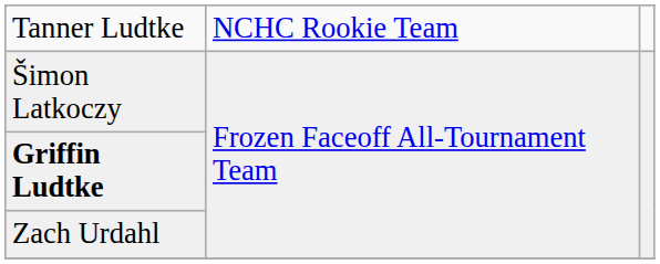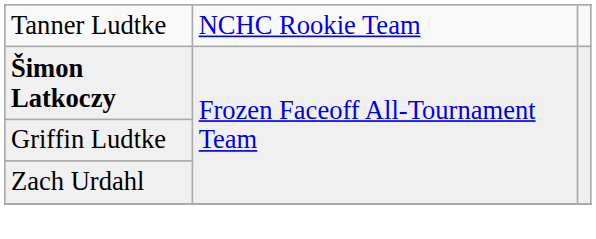 <table class="wikitable" width=40%>
 <tr>
 <td>Tanner Ludtke</td>
 <td rowspan=1><a href='#'>NCHC Rookie Team</a></td>
 <td rowspan=1></td>
 </tr>
 <tr bgcolor=f0f0f0>
-<td>Šimon Latkoczy</td>
+<td><strong>Šimon Latkoczy</strong></td>
 <td rowspan=3><a href='#'>Frozen Faceoff All-Tournament Team</a></td>
 <td rowspan=3></td>
 </tr>
 <tr bgcolor=f0f0f0>
-<td><strong>Griffin Ludtke</strong></td>
+<td>Griffin Ludtke</td>
 </tr>
 <tr bgcolor=f0f0f0>
 <td>Zach Urdahl</td>
 </tr>
 <tr>
 </tr>
 </table>
